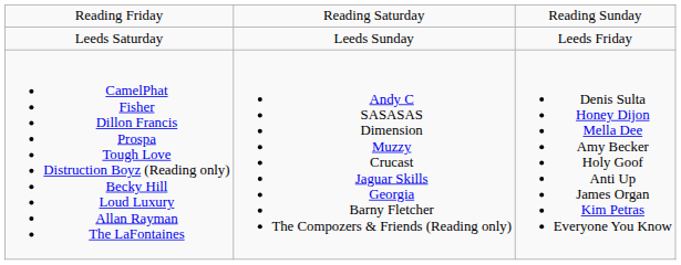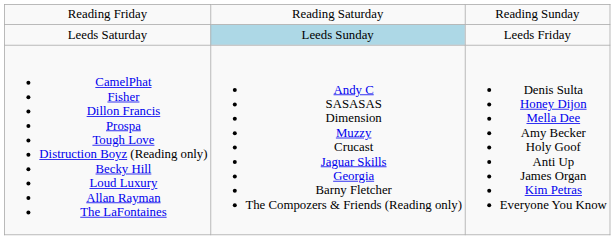 <table class="wikitable" style="text-align:center;">
 <tr>
 <td>Reading Friday</td>
 <td>Reading Saturday</td>
 <td>Reading Sunday</td>
 </tr>
 <tr>
 <td>Leeds Saturday</td>
-<td>Leeds Sunday</td>
+<td style="background: lightblue;">Leeds Sunday</td>
 <td>Leeds Friday</td>
 </tr>
 <tr>
 <td><br><ul><li><a href='#'>CamelPhat</a></li><li><a href='#'>Fisher</a></li><li><a href='#'>Dillon Francis</a></li><li><a href='#'>Prospa</a></li><li><a href='#'>Tough Love</a></li><li><a href='#'>Distruction Boyz</a> (Reading only)</li><li><a href='#'>Becky Hill</a></li><li><a href='#'>Loud Luxury</a></li><li><a href='#'>Allan Rayman</a></li><li><a href='#'>The LaFontaines</a></li></ul></td>
 <td><br><ul><li><a href='#'>Andy C</a></li><li>SASASAS</li><li>Dimension</li><li><a href='#'>Muzzy</a></li><li>Crucast</li><li><a href='#'>Jaguar Skills</a></li><li><a href='#'>Georgia</a></li><li>Barny Fletcher</li><li>The Compozers & Friends (Reading only)</li></ul></td>
 <td><br><ul><li>Denis Sulta</li><li><a href='#'>Honey Dijon</a></li><li><a href='#'>Mella Dee</a></li><li>Amy Becker</li><li>Holy Goof</li><li>Anti Up</li><li>James Organ</li><li><a href='#'>Kim Petras</a></li><li>Everyone You Know</li></ul></td>
 </tr>
 </table>
